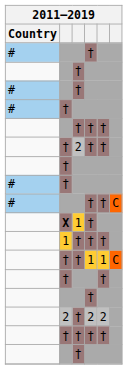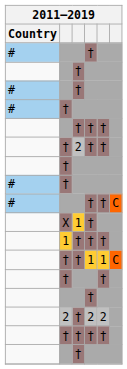 <table class="wikitable collapsible collapsed" style="float:left; margin:10px">
 <tr>
 <th colspan="6">2011–2019</th>
 </tr>
 <tr>
 <th>Country</th>
 <th></th>
 <th></th>
 <th></th>
 <th></th>
 <th><s></s></th>
 </tr>
 <tr>
 <td bgcolor="#A4D1EF"> #</td>
 <td colspan="2" bgcolor="#AAA"></td>
 <td style="background:#977" align=center><span>†</span></td>
 <td colspan="2" bgcolor="#AAA"></td>
 </tr>
 <tr>
 <td></td>
 <td bgcolor="#AAA"></td>
 <td style="background:#977" align=center><span>†</span></td>
 <td colspan="3" bgcolor="#AAA"></td>
 </tr>
 <tr>
 <td bgcolor="#A4D1EF"> #</td>
 <td bgcolor="#AAA"></td>
 <td style="background:#977" align=center><span>†</span></td>
 <td colspan="3" bgcolor="#AAA"></td>
 </tr>
 <tr>
 <td bgcolor="#A4D1EF"> #</td>
 <td style="background:#977" align=center><span>†</span></td>
 <td colspan="4" bgcolor="#AAA"></td>
 </tr>
 <tr>
 <td></td>
 <td bgcolor="#AAA"></td>
 <td style="background:#977" align=center><span>†</span></td>
 <td style="background:#977" align=center><span>†</span></td>
 <td style="background:#977" align=center><span>†</span></td>
 <td bgcolor="#AAA"></td>
 </tr>
 <tr>
 <td></td>
 <td style="background:#977" align=center><span>†</span></td>
 <td style="background:silver" align=center>2</td>
 <td style="background:#977" align=center><span>†</span></td>
 <td style="background:#977" align=center><span>†</span></td>
 <td bgcolor="#AAA"></td>
 </tr>
 <tr>
 <td></td>
 <td style="background:#977" align=center><span>†</span></td>
 <td colspan="4" bgcolor="#AAA"></td>
 </tr>
 <tr>
 <td bgcolor="#A4D1EF"> #</td>
 <td style="background:#977" align=center><span>†</span></td>
 <td colspan="4" bgcolor="#AAA"></td>
 </tr>
 <tr>
 <td bgcolor="#A4D1EF"> #</td>
 <td colspan="2" bgcolor="#AAA"></td>
 <td style="background:#977" align=center><span>†</span></td>
 <td style="background:#977" align=center><span>†</span></td>
 <td style="background:#F60;" align=center>C</td>
 </tr>
 <tr>
 <td></td>
-<td style="background:#977" align=center><strong><span>X</span></strong></td>
+<td style="background:#977" align=center><span>X</span></td>
 <td style="background:#FC3" align=center>1</td>
 <td style="background:#977" align=center><span>†</span></td>
 <td colspan=2 bgcolor="#AAA"></td>
 </tr>
 <tr>
 <td></td>
 <td style="background:#FC3" align=center>1</td>
 <td style="background:#977" align=center><span>†</span></td>
 <td style="background:#977" align=center><span>†</span></td>
 <td style="background:#977" align=center><span>†</span></td>
 <td colspan=2 bgcolor="#AAA"></td>
 </tr>
 <tr>
 <td></td>
 <td style="background:#977" align=center><span>†</span></td>
 <td style="background:#977" align=center><span>†</span></td>
 <td style="background:#FC3" align=center>1</td>
 <td style="background:#FC3" align=center>1</td>
 <td style="background:#F60;" align=center>C</td>
 </tr>
 <tr>
 <td></td>
 <td style="background:#977" align=center><span>†</span></td>
 <td colspan="2" bgcolor="#AAA"></td>
 <td style="background:#977" align=center><span>†</span></td>
 <td bgcolor="#AAA"></td>
 </tr>
 <tr>
 <td></td>
 <td colspan="2" bgcolor="#AAA"></td>
 <td style="background:#977" align=center><span>†</span></td>
 <td colspan=2 bgcolor="#AAA"></td>
 </tr>
 <tr>
 <td></td>
 <td style="background:silver" align=center>2</td>
 <td style="background:#977" align=center><span>†</span></td>
 <td style="background:silver" align=center>2</td>
 <td style="background:silver" align=center>2</td>
 <td bgcolor="#AAA"></td>
 </tr>
 <tr>
 <td></td>
 <td style="background:#977" align=center><span>†</span></td>
 <td style="background:#977" align=center><span>†</span></td>
 <td style="background:#977" align=center><span>†</span></td>
 <td style="background:#977" align=center><span>†</span></td>
 <td bgcolor="#AAA"></td>
 </tr>
 <tr>
 <td></td>
 <td bgcolor="#AAA"></td>
 <td style="background:#977" align=center><span>†</span></td>
 <td colspan="3" bgcolor="#AAA"></td>
 </tr>
 <tr>
 </tr>
 </table>
